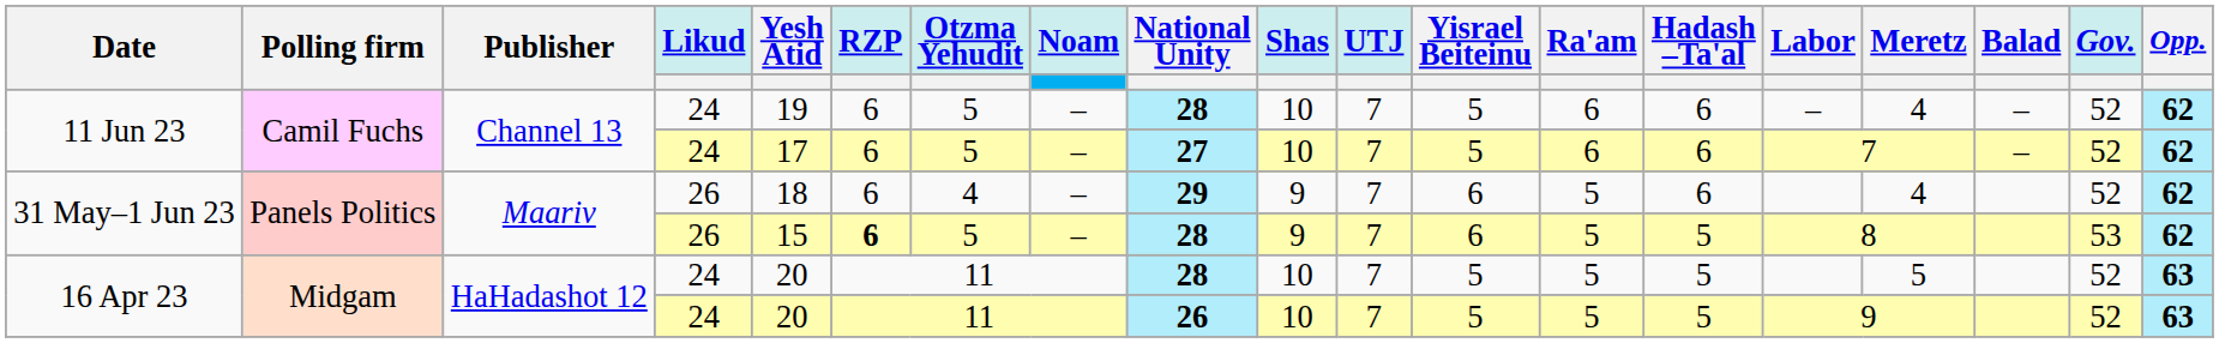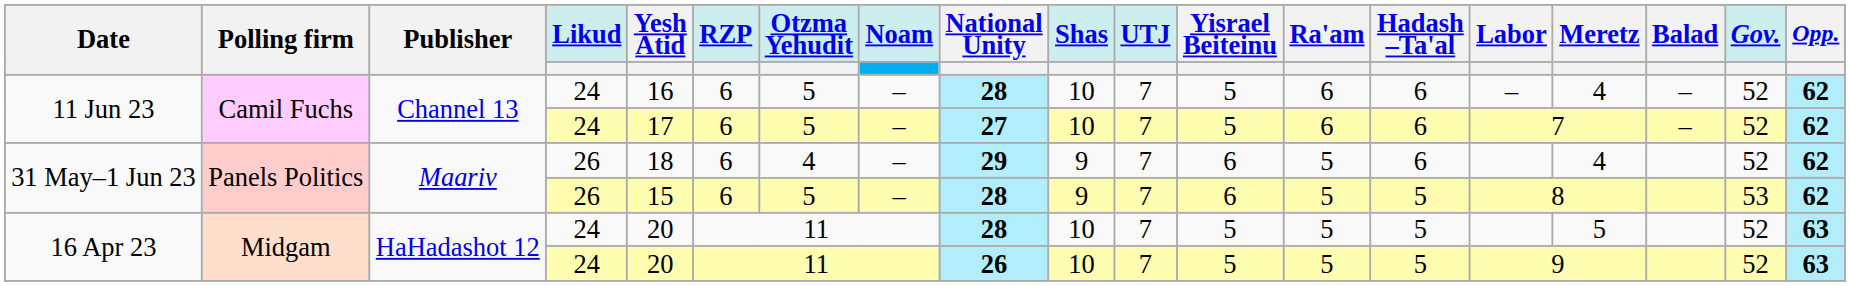 <table class="wikitable sortable" style=text-align:center;font-size:90%;line-height:12px>
 <tr>
 <th rowspan=2>Date</th>
 <th rowspan=2>Polling firm</th>
 <th rowspan=2>Publisher</th>
 <th style=background:#cee><a href='#'>Likud</a></th>
 <th><a href='#'>Yesh<br>Atid</a></th>
 <th style=background:#cee><a href='#'>RZP</a></th>
 <th style=background:#cee><a href='#'>Otzma<br>Yehudit</a></th>
 <th style=background:#cee><a href='#'>Noam</a></th>
 <th><a href='#'>National<br>Unity</a></th>
 <th style=background:#cee><a href='#'>Shas</a></th>
 <th style=background:#cee><a href='#'>UTJ</a></th>
 <th><a href='#'>Yisrael<br>Beiteinu</a></th>
 <th><a href='#'>Ra'am</a></th>
 <th><a href='#'>Hadash<br>–Ta'al</a></th>
 <th><a href='#'>Labor</a></th>
 <th><a href='#'>Meretz</a></th>
 <th><a href='#'>Balad</a></th>
 <th style=background:#cee><a href='#'><em>Gov.</em></a></th>
 <th style=font-size:90%><a href='#'><em>Opp.</em></a></th>
 </tr>
 <tr>
 <th style=background:></th>
 <th style=background:></th>
 <th style=background:></th>
 <th style=background:></th>
 <th style=background:#01AFF0></th>
 <th style=background:></th>
 <th style=background:></th>
 <th style=background:></th>
 <th style=background:></th>
 <th style=background:></th>
 <th style=background:></th>
 <th style=background:></th>
 <th style=background:></th>
 <th style=background:></th>
 <th style=background:></th>
 <th style=background:></th>
 </tr>
 <tr>
 <td rowspan=2 data-sort-value=2023-06-11>11 Jun 23</td>
 <td rowspan=2 style=background:#FFCCFF>Camil Fuchs</td>
 <td rowspan=2><a href='#'>Channel 13</a></td>
 <td>24					</td>
-<td>19					</td>
+<td>16					</td>
 <td>6					</td>
 <td>5					</td>
 <td>–					</td>
 <td style=background:#B2EDFB><strong>28</strong>	</td>
 <td>10					</td>
 <td>7					</td>
 <td>5					</td>
 <td>6					</td>
 <td>6					</td>
 <td>–					</td>
 <td>4					</td>
 <td>–					</td>
 <td>52					</td>
 <td style=background:#B2EDFB><strong>62</strong>	</td>
 </tr>
 <tr style=background:#fffdb0>
 <td>24					</td>
 <td>17					</td>
 <td>6					</td>
 <td>5					</td>
 <td>–					</td>
 <td style=background:#B2EDFB><strong>27</strong>	</td>
 <td>10					</td>
 <td>7					</td>
 <td>5					</td>
 <td>6					</td>
 <td>6					</td>
 <td colspan=2>7		</td>
 <td>–					</td>
 <td>52					</td>
 <td style=background:#B2EDFB><strong>62</strong>	</td>
 </tr>
 <tr>
 <td rowspan=2 data-sort-value=2023-06-01>31 May–1 Jun 23</td>
 <td rowspan=2 style=background:#FFCCCC>Panels Politics</td>
 <td rowspan=2><em><a href='#'>Maariv</a></em></td>
 <td>26					</td>
 <td>18					</td>
 <td>6					</td>
 <td>4					</td>
 <td>–					</td>
 <td style=background:#B2EDFB><strong>29</strong>	</td>
 <td>9					</td>
 <td>7					</td>
 <td>6					</td>
 <td>5					</td>
 <td>6					</td>
 <td>	</td>
 <td>4					</td>
 <td>	</td>
 <td>52					</td>
 <td style=background:#B2EDFB><strong>62</strong>	</td>
 </tr>
 <tr style=background:#fffdb0>
 <td>26					</td>
 <td>15					</td>
-<td><strong>6					</strong></td>
+<td>6					</td>
 <td>5					</td>
 <td>–					</td>
 <td style=background:#B2EDFB><strong>28</strong>	</td>
 <td>9					</td>
 <td>7					</td>
 <td>6					</td>
 <td>5					</td>
 <td>5					</td>
 <td colspan=2>8		</td>
 <td>	</td>
 <td>53					</td>
 <td style=background:#B2EDFB><strong>62</strong>	</td>
 </tr>
 <tr>
 <td rowspan=2 data-sort-value=2023-04-16>16 Apr 23</td>
 <td style=background:#FFDFCC rowspan=2>Midgam</td>
 <td rowspan=2><a href='#'>HaHadashot 12</a></td>
 <td>24					</td>
 <td>20					</td>
 <td colspan=3>11		</td>
 <td style=background:#B2EDFB><strong>28</strong>	</td>
 <td>10					</td>
 <td>7					</td>
 <td>5					</td>
 <td>5					</td>
 <td>5					</td>
 <td>	</td>
 <td>5					</td>
 <td>	</td>
 <td>52					</td>
 <td style=background:#B2EDFB><strong>63</strong>	</td>
 </tr>
 <tr style=background:#fffdb0>
 <td>24					</td>
 <td>20					</td>
 <td colspan=3>11		</td>
 <td style=background:#B2EDFB><strong>26</strong>	</td>
 <td>10					</td>
 <td>7					</td>
 <td>5					</td>
 <td>5					</td>
 <td>5					</td>
 <td colspan=2>9		</td>
 <td>	</td>
 <td>52					</td>
 <td style=background:#B2EDFB><strong>63</strong>	</td>
 </tr>
 </table>
